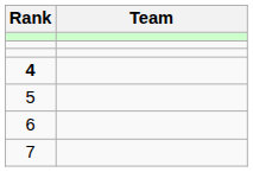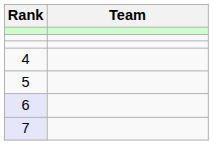 <table class="wikitable">
 <tr>
 <th>Rank</th>
 <th width=170>Team</th>
 </tr>
 <tr bgcolor=#ccffcc>
 <td align=center></td>
 <td></td>
 </tr>
 <tr>
 <td align=center></td>
 <td></td>
 </tr>
 <tr>
 <td align=center></td>
 <td></td>
 </tr>
 <tr>
-<td align=center><strong>4</strong></td>
+<td align=center>4</td>
 <td></td>
 </tr>
 <tr>
 <td align=center>5</td>
 <td></td>
 </tr>
 <tr>
-<td align=center>6</td>
+<td align=center style="background: lavender;">6</td>
 <td></td>
 </tr>
 <tr>
-<td align=center>7</td>
+<td align=center style="background: lavender;">7</td>
 <td></td>
 </tr>
 </table>
